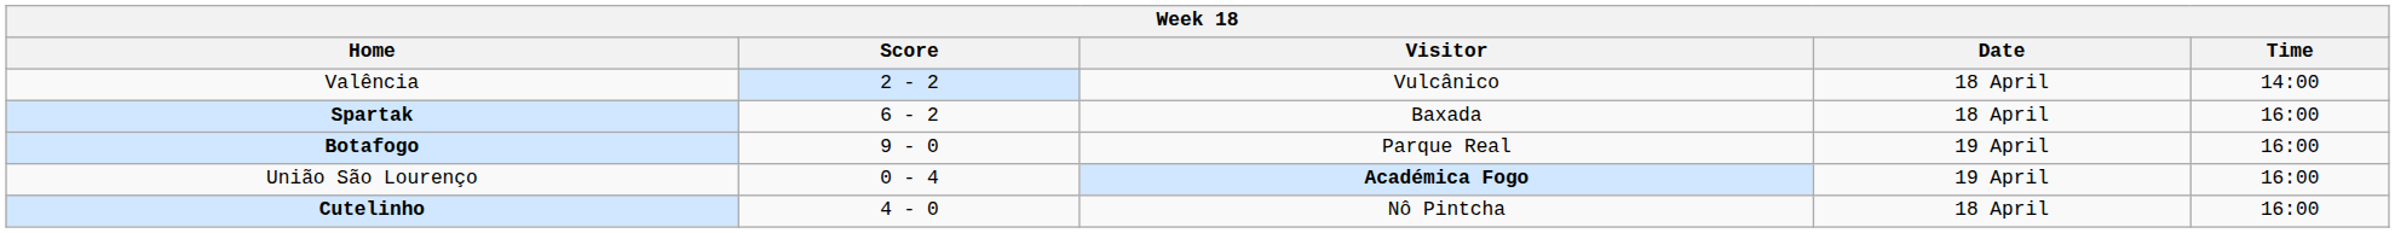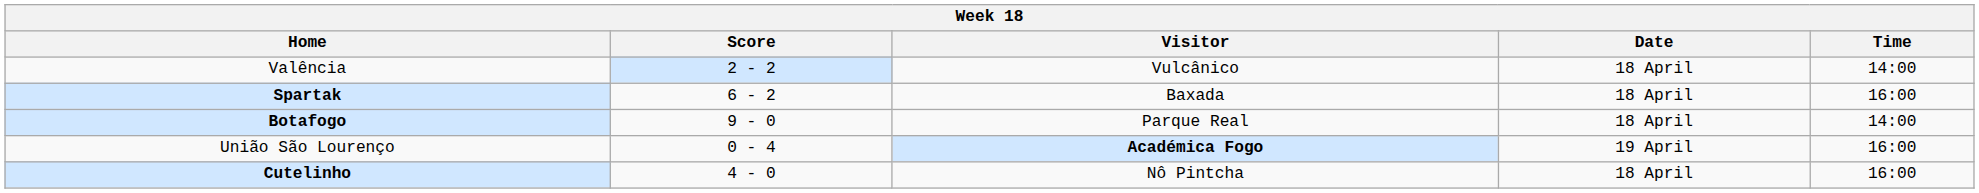 <table class="wikitable" style="margin:1em auto; font-size:95%; text-align: center; width: 95%;">
 <tr>
 <th colspan="12"  style="with:100%;">Week 18</th>
 </tr>
 <tr>
 <th style="width:200px;">Home</th>
 <th width="90">Score</th>
 <th style="width:200px;">Visitor</th>
 <th style="width:100px;">Date</th>
 <th style="width:50px;">Time</th>
 </tr>
 <tr>
 <td>Valência</td>
 <td bgcolor=#D0E7FF>2 - 2</td>
 <td>Vulcânico</td>
 <td>18 April</td>
 <td>14:00</td>
 </tr>
 <tr>
 <td bgcolor=#D0E7FF><strong>Spartak</strong></td>
 <td>6 - 2</td>
 <td>Baxada</td>
 <td>18 April</td>
 <td>16:00</td>
 </tr>
 <tr>
 <td bgcolor=#D0E7FF><strong>Botafogo</strong></td>
 <td>9 - 0</td>
 <td>Parque Real</td>
-<td>19 April</td>
-<td>16:00</td>
+<td>18 April</td>
+<td>14:00</td>
 </tr>
 <tr>
 <td>União São Lourenço</td>
 <td>0 - 4</td>
 <td bgcolor=#D0E7FF><strong>Académica Fogo</strong></td>
 <td>19 April</td>
 <td>16:00</td>
 </tr>
 <tr>
 <td bgcolor=#D0E7FF><strong>Cutelinho</strong></td>
 <td>4 - 0</td>
 <td>Nô Pintcha</td>
 <td>18 April</td>
 <td>16:00</td>
 </tr>
 </table>
